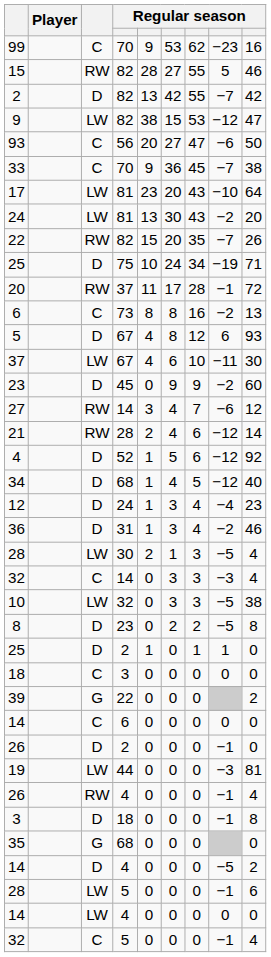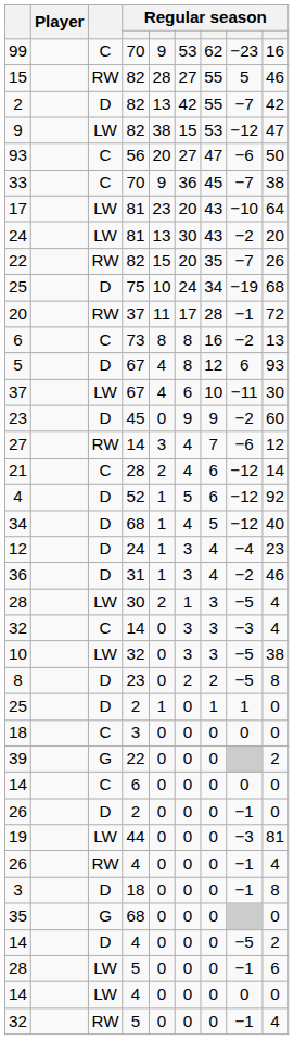 <table class="wikitable sortable plainrowheaders" style="text-align:center;">
 <tr>
 <th scope="col" data-sort-type="number" rowspan="2"></th>
 <th scope="col" rowspan="2">Player</th>
 <th scope="col" rowspan="2"></th>
 <th scope=colgroup colspan=6>Regular season</th>
 </tr>
 <tr>
 <th scope="col" data-sort-type="number"></th>
 <th scope="col" data-sort-type="number"></th>
 <th scope="col" data-sort-type="number"></th>
 <th scope="col" data-sort-type="number"></th>
 <th scope="col" data-sort-type="number"></th>
 <th scope="col" data-sort-type="number"></th>
 </tr>
 <tr>
 <td scope="row">99</td>
 <td align="left"></td>
 <td>C</td>
 <td>70</td>
 <td>9</td>
 <td>53</td>
 <td>62</td>
 <td>−23</td>
 <td>16</td>
 </tr>
 <tr>
 <td scope="row">15</td>
 <td align="left"></td>
 <td>RW</td>
 <td>82</td>
 <td>28</td>
 <td>27</td>
 <td>55</td>
 <td>5</td>
 <td>46</td>
 </tr>
 <tr>
 <td scope="row">2</td>
 <td align="left"></td>
 <td>D</td>
 <td>82</td>
 <td>13</td>
 <td>42</td>
 <td>55</td>
 <td>−7</td>
 <td>42</td>
 </tr>
 <tr>
 <td scope="row">9</td>
 <td align="left"></td>
 <td>LW</td>
 <td>82</td>
 <td>38</td>
 <td>15</td>
 <td>53</td>
 <td>−12</td>
 <td>47</td>
 </tr>
 <tr>
 <td scope="row">93</td>
 <td align="left"></td>
 <td>C</td>
 <td>56</td>
 <td>20</td>
 <td>27</td>
 <td>47</td>
 <td>−6</td>
 <td>50</td>
 </tr>
 <tr>
 <td scope="row">33</td>
 <td align="left"></td>
 <td>C</td>
 <td>70</td>
 <td>9</td>
 <td>36</td>
 <td>45</td>
 <td>−7</td>
 <td>38</td>
 </tr>
 <tr>
 <td scope="row">17</td>
 <td align="left"></td>
 <td>LW</td>
 <td>81</td>
 <td>23</td>
 <td>20</td>
 <td>43</td>
 <td>−10</td>
 <td>64</td>
 </tr>
 <tr>
 <td scope="row">24</td>
 <td align="left"></td>
 <td>LW</td>
 <td>81</td>
 <td>13</td>
 <td>30</td>
 <td>43</td>
 <td>−2</td>
 <td>20</td>
 </tr>
 <tr>
 <td scope="row">22</td>
 <td align="left"></td>
 <td>RW</td>
 <td>82</td>
 <td>15</td>
 <td>20</td>
 <td>35</td>
 <td>−7</td>
 <td>26</td>
 </tr>
 <tr>
 <td scope="row">25</td>
 <td align="left"></td>
 <td>D</td>
 <td>75</td>
 <td>10</td>
 <td>24</td>
 <td>34</td>
 <td>−19</td>
-<td>71</td>
+<td>68</td>
 </tr>
 <tr>
 <td scope="row">20</td>
 <td align="left"></td>
 <td>RW</td>
 <td>37</td>
 <td>11</td>
 <td>17</td>
 <td>28</td>
 <td>−1</td>
 <td>72</td>
 </tr>
 <tr>
 <td scope="row">6</td>
 <td align="left"></td>
 <td>C</td>
 <td>73</td>
 <td>8</td>
 <td>8</td>
 <td>16</td>
 <td>−2</td>
 <td>13</td>
 </tr>
 <tr>
 <td scope="row">5</td>
 <td align="left"></td>
 <td>D</td>
 <td>67</td>
 <td>4</td>
 <td>8</td>
 <td>12</td>
 <td>6</td>
 <td>93</td>
 </tr>
 <tr>
 <td scope="row">37</td>
 <td align="left"></td>
 <td>LW</td>
 <td>67</td>
 <td>4</td>
 <td>6</td>
 <td>10</td>
 <td>−11</td>
 <td>30</td>
 </tr>
 <tr>
 <td scope="row">23</td>
 <td align="left"></td>
 <td>D</td>
 <td>45</td>
 <td>0</td>
 <td>9</td>
 <td>9</td>
 <td>−2</td>
 <td>60</td>
 </tr>
 <tr>
 <td scope="row">27</td>
 <td align="left"></td>
 <td>RW</td>
 <td>14</td>
 <td>3</td>
 <td>4</td>
 <td>7</td>
 <td>−6</td>
 <td>12</td>
 </tr>
 <tr>
 <td scope="row">21</td>
 <td align="left"></td>
-<td>RW</td>
+<td>C</td>
 <td>28</td>
 <td>2</td>
 <td>4</td>
 <td>6</td>
 <td>−12</td>
 <td>14</td>
 </tr>
 <tr>
 <td scope="row">4</td>
 <td align="left"></td>
 <td>D</td>
 <td>52</td>
 <td>1</td>
 <td>5</td>
 <td>6</td>
 <td>−12</td>
 <td>92</td>
 </tr>
 <tr>
 <td scope="row">34</td>
 <td align="left"></td>
 <td>D</td>
 <td>68</td>
 <td>1</td>
 <td>4</td>
 <td>5</td>
 <td>−12</td>
 <td>40</td>
 </tr>
 <tr>
 <td scope="row">12</td>
 <td align="left"></td>
 <td>D</td>
 <td>24</td>
 <td>1</td>
 <td>3</td>
 <td>4</td>
 <td>−4</td>
 <td>23</td>
 </tr>
 <tr>
 <td scope="row">36</td>
 <td align="left"></td>
 <td>D</td>
 <td>31</td>
 <td>1</td>
 <td>3</td>
 <td>4</td>
 <td>−2</td>
 <td>46</td>
 </tr>
 <tr>
 <td scope="row">28</td>
 <td align="left"></td>
 <td>LW</td>
 <td>30</td>
 <td>2</td>
 <td>1</td>
 <td>3</td>
 <td>−5</td>
 <td>4</td>
 </tr>
 <tr>
 <td scope="row">32</td>
 <td align="left"></td>
 <td>C</td>
 <td>14</td>
 <td>0</td>
 <td>3</td>
 <td>3</td>
 <td>−3</td>
 <td>4</td>
 </tr>
 <tr>
 <td scope="row">10</td>
 <td align="left"></td>
 <td>LW</td>
 <td>32</td>
 <td>0</td>
 <td>3</td>
 <td>3</td>
 <td>−5</td>
 <td>38</td>
 </tr>
 <tr>
 <td scope="row">8</td>
 <td align="left"></td>
 <td>D</td>
 <td>23</td>
 <td>0</td>
 <td>2</td>
 <td>2</td>
 <td>−5</td>
 <td>8</td>
 </tr>
 <tr>
 <td scope="row">25</td>
 <td align="left"></td>
 <td>D</td>
 <td>2</td>
 <td>1</td>
 <td>0</td>
 <td>1</td>
 <td>1</td>
 <td>0</td>
 </tr>
 <tr>
 <td scope="row">18</td>
 <td align="left"></td>
 <td>C</td>
 <td>3</td>
 <td>0</td>
 <td>0</td>
 <td>0</td>
 <td>0</td>
 <td>0</td>
 </tr>
 <tr>
 <td scope="row">39</td>
 <td align="left"></td>
 <td>G</td>
 <td>22</td>
 <td>0</td>
 <td>0</td>
 <td>0</td>
 <td style="background:#ccc"></td>
 <td>2</td>
 </tr>
 <tr>
 <td scope="row">14</td>
 <td align="left"></td>
 <td>C</td>
 <td>6</td>
 <td>0</td>
 <td>0</td>
 <td>0</td>
 <td>0</td>
 <td>0</td>
 </tr>
 <tr>
 <td scope="row">26</td>
 <td align="left"></td>
 <td>D</td>
 <td>2</td>
 <td>0</td>
 <td>0</td>
 <td>0</td>
 <td>−1</td>
 <td>0</td>
 </tr>
 <tr>
 <td scope="row">19</td>
 <td align="left"></td>
 <td>LW</td>
 <td>44</td>
 <td>0</td>
 <td>0</td>
 <td>0</td>
 <td>−3</td>
 <td>81</td>
 </tr>
 <tr>
 <td scope="row">26</td>
 <td align="left"></td>
 <td>RW</td>
 <td>4</td>
 <td>0</td>
 <td>0</td>
 <td>0</td>
 <td>−1</td>
 <td>4</td>
 </tr>
 <tr>
 <td scope="row">3</td>
 <td align="left"></td>
 <td>D</td>
 <td>18</td>
 <td>0</td>
 <td>0</td>
 <td>0</td>
 <td>−1</td>
 <td>8</td>
 </tr>
 <tr>
 <td scope="row">35</td>
 <td align="left"></td>
 <td>G</td>
 <td>68</td>
 <td>0</td>
 <td>0</td>
 <td>0</td>
 <td style="background:#ccc"></td>
 <td>0</td>
 </tr>
 <tr>
 <td scope="row">14</td>
 <td align="left"></td>
 <td>D</td>
 <td>4</td>
 <td>0</td>
 <td>0</td>
 <td>0</td>
 <td>−5</td>
 <td>2</td>
 </tr>
 <tr>
 <td scope="row">28</td>
 <td align="left"></td>
 <td>LW</td>
 <td>5</td>
 <td>0</td>
 <td>0</td>
 <td>0</td>
 <td>−1</td>
 <td>6</td>
 </tr>
 <tr>
 <td scope="row">14</td>
 <td align="left"></td>
 <td>LW</td>
 <td>4</td>
 <td>0</td>
 <td>0</td>
 <td>0</td>
 <td>0</td>
 <td>0</td>
 </tr>
 <tr>
 <td scope="row">32</td>
 <td align="left"></td>
-<td>C</td>
+<td>RW</td>
 <td>5</td>
 <td>0</td>
 <td>0</td>
 <td>0</td>
 <td>−1</td>
 <td>4</td>
 </tr>
 </table>
